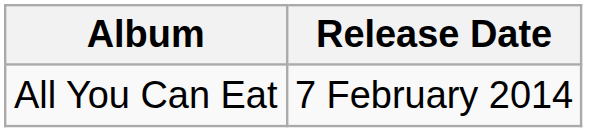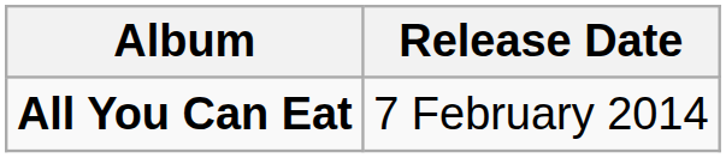 <table class="wikitable sortable">
 <tr>
 <th>Album</th>
 <th>Release Date</th>
 </tr>
 <tr>
-<td>All You Can Eat</td>
+<td><strong>All You Can Eat</strong></td>
 <td>7 February 2014</td>
 </tr>
 </table>
